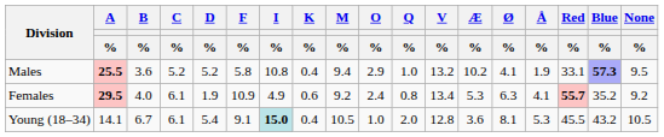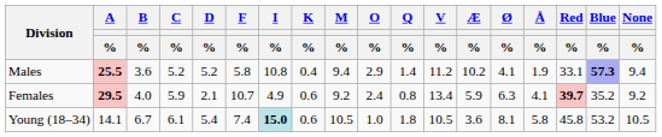 <table class="wikitable sortable" style="text-align:center; font-size:95%; line-height:20px">
 <tr>
 <th rowspan="3">Division</th>
 <th width="30px" class="unsortable"><a href='#'>A</a></th>
 <th width="30px" class="unsortable"><a href='#'>B</a></th>
 <th width="30px" class="unsortable"><a href='#'>C</a></th>
 <th width="30px" class="unsortable"><a href='#'>D</a></th>
 <th width="30px" class="unsortable"><a href='#'>F</a></th>
 <th width="30px" class="unsortable"><a href='#'>I</a></th>
 <th width="30px" class="unsortable"><a href='#'>K</a></th>
 <th width="30px" class="unsortable"><a href='#'>M</a></th>
 <th width="30px" class="unsortable"><a href='#'>O</a></th>
 <th width="30px" class="unsortable"><a href='#'>Q</a></th>
 <th width="30px" class="unsortable"><a href='#'>V</a></th>
 <th width="30px" class="unsortable"><a href='#'>Æ</a></th>
 <th width="30px" class="unsortable"><a href='#'>Ø</a></th>
 <th width="30px" class="unsortable"><a href='#'>Å</a></th>
 <th><a href='#'>Red</a></th>
 <th><a href='#'>Blue</a></th>
 <th><a href='#'>None</a></th>
 </tr>
 <tr>
 <th style="background:"></th>
 <th style="background:"></th>
 <th style="background:"></th>
 <th style="background:"></th>
 <th style="background:"></th>
 <th style="background:"></th>
 <th style="background:"></th>
 <th style="background:"></th>
 <th style="background:"></th>
 <th style="background:"></th>
 <th style="background:"></th>
 <th style="background:"></th>
 <th style="background:"></th>
 <th style="background:"></th>
 <th style="background:"></th>
 <th style="background:"></th>
 <th style="background:"></th>
 </tr>
 <tr>
 <th>%</th>
 <th>%</th>
 <th>%</th>
 <th>%</th>
 <th>%</th>
 <th>%</th>
 <th>%</th>
 <th>%</th>
 <th>%</th>
 <th>%</th>
 <th>%</th>
 <th>%</th>
 <th>%</th>
 <th>%</th>
 <th>%</th>
 <th>%</th>
 <th>%</th>
 </tr>
 <tr>
 <td align=left>Males</td>
 <td bgcolor=#fdc4c4><strong>25.5</strong></td>
 <td>3.6</td>
 <td>5.2</td>
 <td>5.2</td>
 <td>5.8</td>
 <td>10.8</td>
 <td>0.4</td>
 <td>9.4</td>
 <td>2.9</td>
-<td>1.0</td>
-<td>13.2</td>
+<td>1.4</td>
+<td>11.2</td>
 <td>10.2</td>
 <td>4.1</td>
 <td>1.9</td>
 <td>33.1</td>
 <td bgcolor=#aaaaf8><strong>57.3</strong></td>
-<td>9.5</td>
+<td>9.4</td>
 </tr>
 <tr>
 <td align=left>Females</td>
 <td bgcolor=#fdc4c4><strong>29.5</strong></td>
 <td>4.0</td>
-<td>6.1</td>
-<td>1.9</td>
-<td>10.9</td>
+<td>5.9</td>
+<td>2.1</td>
+<td>10.7</td>
 <td>4.9</td>
 <td>0.6</td>
 <td>9.2</td>
 <td>2.4</td>
 <td>0.8</td>
 <td>13.4</td>
-<td>5.3</td>
+<td>5.9</td>
 <td>6.3</td>
 <td>4.1</td>
-<td bgcolor=#fdc4c4><strong>55.7</strong></td>
+<td bgcolor=#fdc4c4><strong>39.7</strong></td>
 <td>35.2</td>
 <td>9.2</td>
 </tr>
 <tr>
 <td align=left>Young (18–34)</td>
 <td>14.1</td>
 <td>6.7</td>
 <td>6.1</td>
 <td>5.4</td>
-<td>9.1</td>
+<td>7.4</td>
 <td bgcolor=#bbe4e8><strong>15.0</strong></td>
-<td>0.4</td>
+<td>0.6</td>
 <td>10.5</td>
 <td>1.0</td>
-<td>2.0</td>
-<td>12.8</td>
+<td>1.8</td>
+<td>10.5</td>
 <td>3.6</td>
 <td>8.1</td>
-<td>5.3</td>
-<td>45.5</td>
-<td>43.2</td>
+<td>5.8</td>
+<td>45.8</td>
+<td>53.2</td>
 <td>10.5</td>
 </tr>
 </table>
